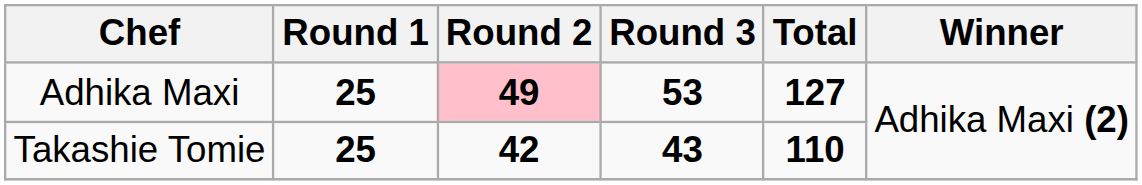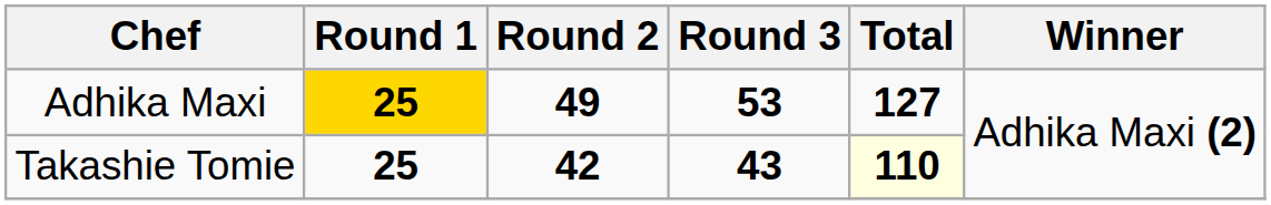 <table class="wikitable"  style="float:left; margin:auto; text-align:center;">
 <tr>
 <th>Chef</th>
 <th>Round 1</th>
 <th>Round 2</th>
 <th>Round 3</th>
 <th>Total</th>
 <th>Winner</th>
 </tr>
 <tr>
 <td>Adhika Maxi</td>
-<td><strong>25</strong></td>
-<td style="background: pink;"><strong>49</strong></td>
+<td style="background: gold;"><strong>25</strong></td>
+<td><strong>49</strong></td>
 <td><strong>53</strong></td>
 <td><strong>127</strong></td>
 <td rowspan=2>Adhika Maxi <strong>(2)</strong></td>
 </tr>
 <tr>
 <td>Takashie Tomie</td>
 <td><strong>25</strong></td>
 <td><strong>42</strong></td>
 <td><strong>43</strong></td>
-<td><strong>110</strong></td>
+<td style="background: lightyellow;"><strong>110</strong></td>
 </tr>
 <tr>
 </tr>
 </table>
